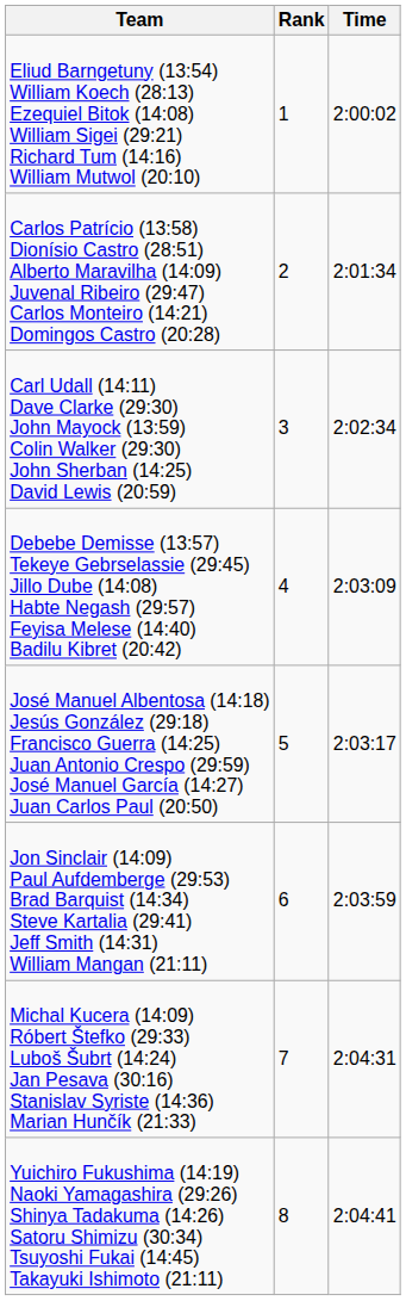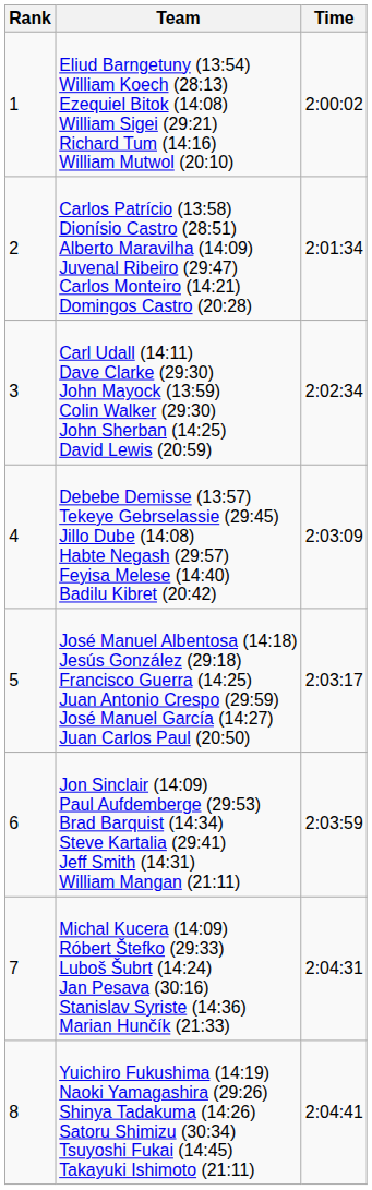 <table class=wikitable>
 <tr>
+<th>Rank</th>
 <th>Team</th>
-<th>Rank</th>
 <th>Time</th>
 </tr>
 <tr>
+<td>1</td>
 <td><br><a href='#'>Eliud Barngetuny</a> (13:54)<br><a href='#'>William Koech</a> (28:13)<br><a href='#'>Ezequiel Bitok</a> (14:08)<br><a href='#'>William Sigei</a> (29:21)<br><a href='#'>Richard Tum</a> (14:16)<br><a href='#'>William Mutwol</a> (20:10)</td>
-<td>1</td>
 <td>2:00:02</td>
 </tr>
 <tr>
+<td>2</td>
 <td><br><a href='#'>Carlos Patrício</a> (13:58)<br><a href='#'>Dionísio Castro</a> (28:51)<br><a href='#'>Alberto Maravilha</a> (14:09)<br><a href='#'>Juvenal Ribeiro</a> (29:47)<br><a href='#'>Carlos Monteiro</a> (14:21)<br><a href='#'>Domingos Castro</a> (20:28)</td>
-<td>2</td>
 <td>2:01:34</td>
 </tr>
 <tr>
+<td>3</td>
 <td><br><a href='#'>Carl Udall</a> (14:11)<br><a href='#'>Dave Clarke</a> (29:30)<br><a href='#'>John Mayock</a> (13:59)<br><a href='#'>Colin Walker</a> (29:30)<br><a href='#'>John Sherban</a> (14:25)<br><a href='#'>David Lewis</a> (20:59)</td>
-<td>3</td>
 <td>2:02:34</td>
 </tr>
 <tr>
+<td>4</td>
 <td><br><a href='#'>Debebe Demisse</a> (13:57)<br><a href='#'>Tekeye Gebrselassie</a> (29:45)<br><a href='#'>Jillo Dube</a> (14:08)<br><a href='#'>Habte Negash</a> (29:57)<br><a href='#'>Feyisa Melese</a> (14:40)<br><a href='#'>Badilu Kibret</a> (20:42)</td>
-<td>4</td>
 <td>2:03:09</td>
 </tr>
 <tr>
+<td>5</td>
 <td><br><a href='#'>José Manuel Albentosa</a> (14:18)<br><a href='#'>Jesús González</a> (29:18)<br><a href='#'>Francisco Guerra</a> (14:25)<br><a href='#'>Juan Antonio Crespo</a> (29:59)<br><a href='#'>José Manuel García</a> (14:27)<br><a href='#'>Juan Carlos Paul</a> (20:50)</td>
-<td>5</td>
 <td>2:03:17</td>
 </tr>
 <tr>
+<td>6</td>
 <td><br><a href='#'>Jon Sinclair</a> (14:09)<br><a href='#'>Paul Aufdemberge</a> (29:53)<br><a href='#'>Brad Barquist</a> (14:34)<br><a href='#'>Steve Kartalia</a> (29:41)<br><a href='#'>Jeff Smith</a> (14:31)<br><a href='#'>William Mangan</a> (21:11)</td>
-<td>6</td>
 <td>2:03:59</td>
 </tr>
 <tr>
+<td>7</td>
 <td><br><a href='#'>Michal Kucera</a> (14:09)<br><a href='#'>Róbert Štefko</a> (29:33)<br><a href='#'>Luboš Šubrt</a> (14:24)<br><a href='#'>Jan Pesava</a> (30:16)<br><a href='#'>Stanislav Syriste</a> (14:36)<br><a href='#'>Marian Hunčík</a> (21:33)</td>
-<td>7</td>
 <td>2:04:31</td>
 </tr>
 <tr>
+<td>8</td>
 <td><br><a href='#'>Yuichiro Fukushima</a> (14:19)<br><a href='#'>Naoki Yamagashira</a> (29:26)<br><a href='#'>Shinya Tadakuma</a> (14:26)<br><a href='#'>Satoru Shimizu</a> (30:34)<br><a href='#'>Tsuyoshi Fukai</a> (14:45)<br><a href='#'>Takayuki Ishimoto</a> (21:11)</td>
-<td>8</td>
 <td>2:04:41</td>
 </tr>
 </table>
